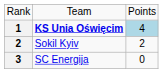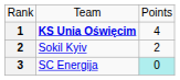 <table class="wikitable" style="text-align: center;">
 <tr>
 <td>Rank</td>
 <td>Team</td>
 <td>Points</td>
 </tr>
 <tr>
 <th>1</th>
 <td style="text-align: left;"> <strong><a href='#'>KS Unia Oświęcim</a></strong></td>
-<td style="background: lightblue;">4</td>
+<td>4</td>
 </tr>
 <tr>
 <th>2</th>
 <td style="text-align: left;"> <a href='#'>Sokil Kyiv</a></td>
 <td>2</td>
 </tr>
 <tr>
 <th>3</th>
 <td style="text-align: left;"> <a href='#'>SC Energija</a></td>
-<td>0</td>
+<td style="background: paleturquoise;">0</td>
 </tr>
 </table>
